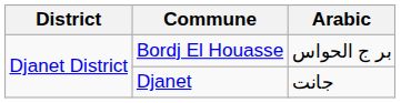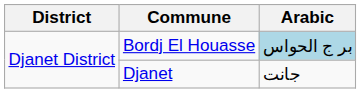 <table class="wikitable sortable">
 <tr>
 <th>District</th>
 <th>Commune</th>
 <th>Arabic</th>
 </tr>
 <tr>
 <td rowspan="2"><a href='#'>Djanet District</a></td>
 <td><a href='#'>Bordj El Houasse</a></td>
-<td>ﺑﺮ ج اﻟﺤﻮاس</td>
+<td style="background: lightblue;">ﺑﺮ ج اﻟﺤﻮاس</td>
 </tr>
 <tr>
 <td><a href='#'>Djanet</a></td>
 <td>ﺟﺎﻧﺖ</td>
 </tr>
 </table>
